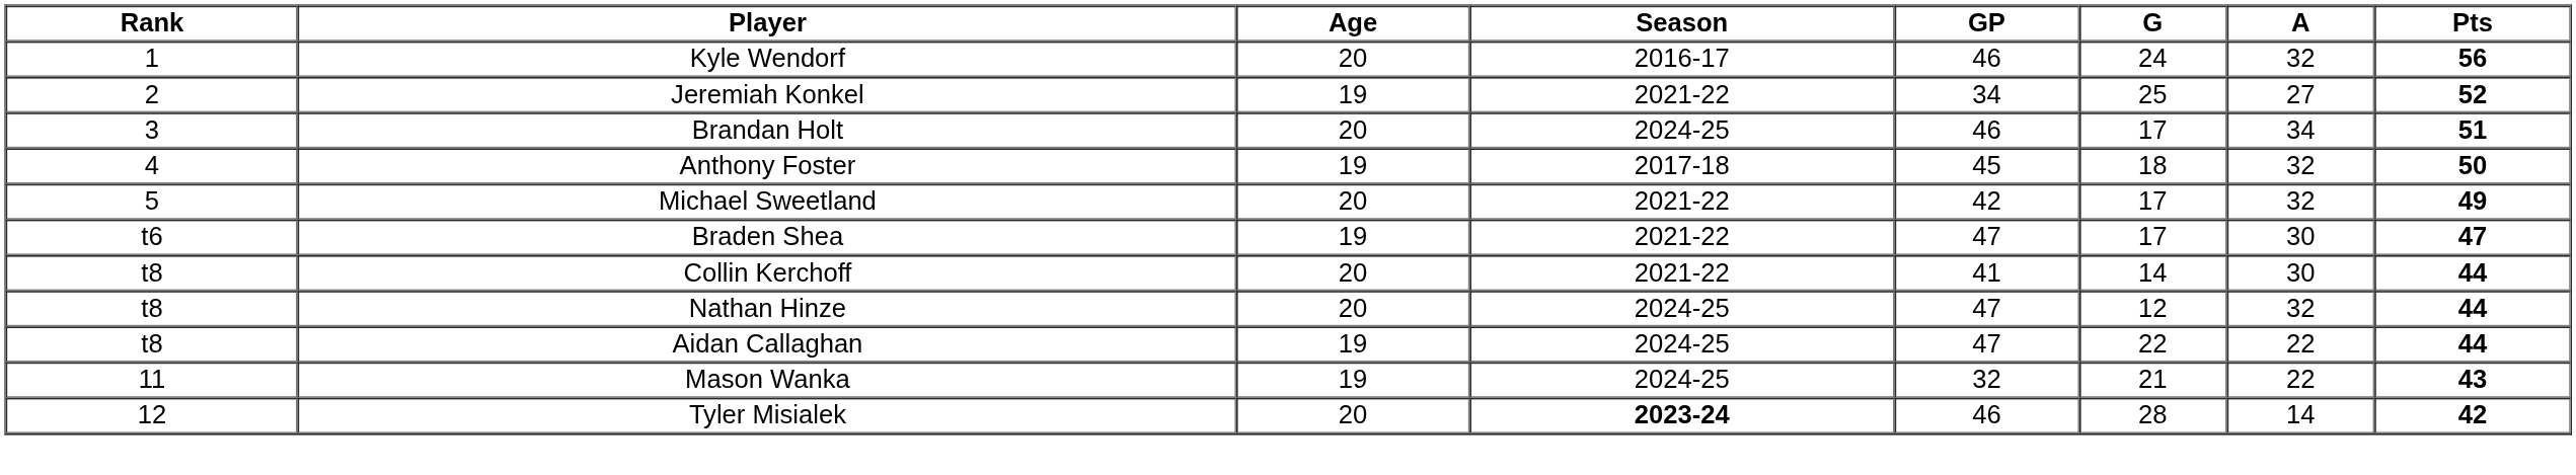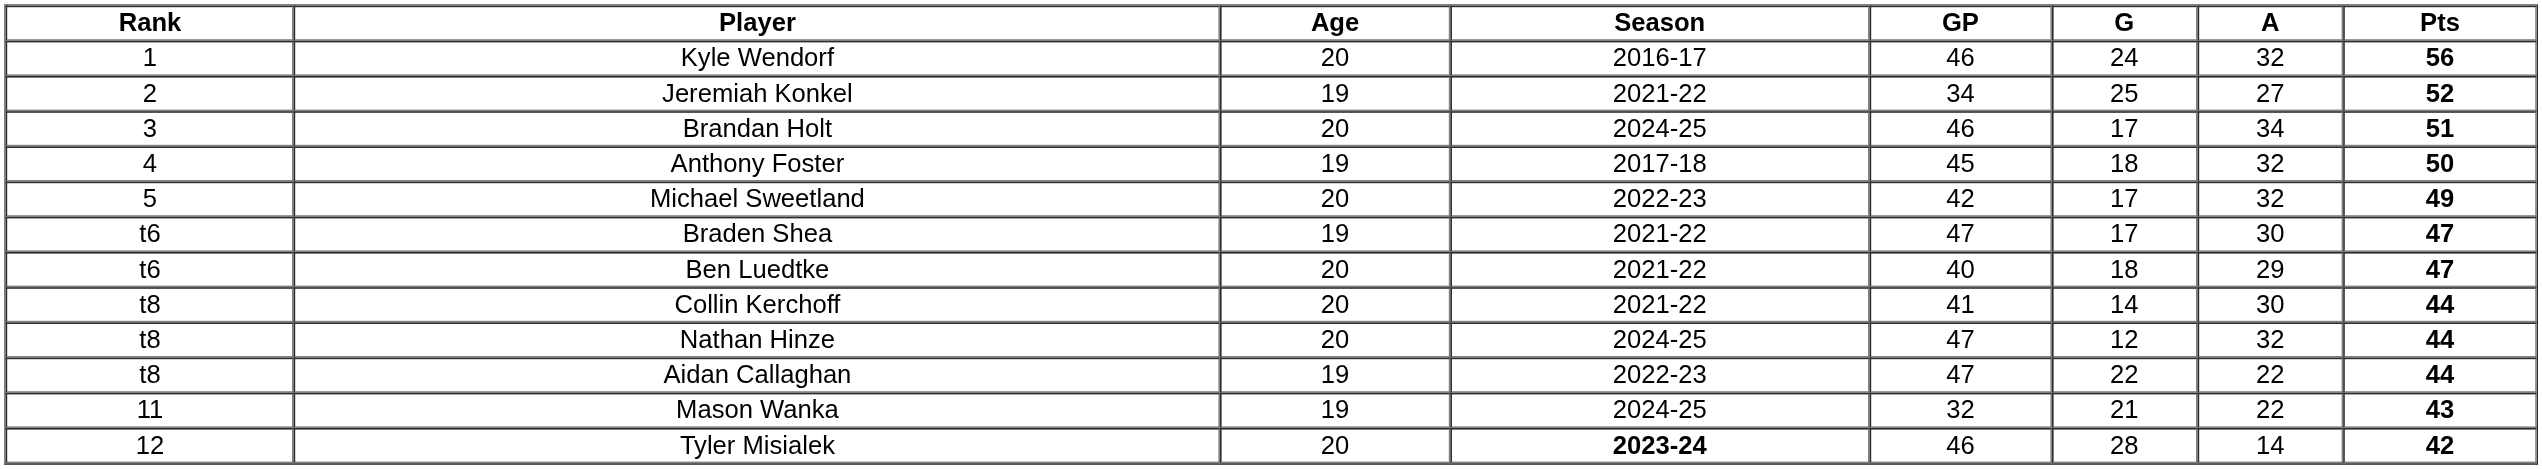 <table cellpadding="1" border="1" cellspacing="0" width="100%">
 <tr>
 <th>Rank</th>
 <th>Player</th>
 <th>Age</th>
 <th>Season</th>
 <th>GP</th>
 <th>G</th>
 <th>A</th>
 <th>Pts</th>
 </tr>
 <tr>
 </tr>
 <tr align="center">
 <td>1</td>
 <td>Kyle Wendorf</td>
 <td>20</td>
 <td>2016-17</td>
 <td>46</td>
 <td>24</td>
 <td>32</td>
 <td><strong>56</strong></td>
 </tr>
 <tr align="center">
 <td>2</td>
 <td>Jeremiah Konkel</td>
 <td>19</td>
 <td>2021-22</td>
 <td>34</td>
 <td>25</td>
 <td>27</td>
 <td><strong>52</strong></td>
 </tr>
 <tr align="center">
 <td>3</td>
 <td>Brandan Holt</td>
 <td>20</td>
 <td>2024-25</td>
 <td>46</td>
 <td>17</td>
 <td>34</td>
 <td><strong>51</strong></td>
 </tr>
 <tr align="center">
 <td>4</td>
 <td>Anthony Foster</td>
 <td>19</td>
 <td>2017-18</td>
 <td>45</td>
 <td>18</td>
 <td>32</td>
 <td><strong>50</strong></td>
 </tr>
 <tr align="center">
 <td>5</td>
 <td>Michael Sweetland</td>
 <td>20</td>
-<td>2021-22</td>
+<td>2022-23</td>
 <td>42</td>
 <td>17</td>
 <td>32</td>
 <td><strong>49</strong></td>
 </tr>
 <tr align="center">
 <td>t6</td>
 <td>Braden Shea</td>
 <td>19</td>
 <td>2021-22</td>
 <td>47</td>
 <td>17</td>
 <td>30</td>
+<td><strong>47</strong></td>
+</tr>
+<tr align="center">
+<td>t6</td>
+<td>Ben Luedtke</td>
+<td>20</td>
+<td>2021-22</td>
+<td>40</td>
+<td>18</td>
+<td>29</td>
 <td><strong>47</strong></td>
 </tr>
 <tr align="center">
 <td>t8</td>
 <td>Collin Kerchoff</td>
 <td>20</td>
 <td>2021-22</td>
 <td>41</td>
 <td>14</td>
 <td>30</td>
 <td><strong>44</strong></td>
 </tr>
 <tr align="center">
 <td>t8</td>
 <td>Nathan Hinze</td>
 <td>20</td>
 <td>2024-25</td>
 <td>47</td>
 <td>12</td>
 <td>32</td>
 <td><strong>44</strong></td>
 </tr>
 <tr align="center">
 <td>t8</td>
 <td>Aidan Callaghan</td>
 <td>19</td>
-<td>2024-25</td>
+<td>2022-23</td>
 <td>47</td>
 <td>22</td>
 <td>22</td>
 <td><strong>44</strong></td>
 </tr>
 <tr align="center">
 <td>11</td>
 <td>Mason Wanka</td>
 <td>19</td>
 <td>2024-25</td>
 <td>32</td>
 <td>21</td>
 <td>22</td>
 <td><strong>43</strong></td>
 </tr>
 <tr align="center">
 <td>12</td>
 <td>Tyler Misialek</td>
 <td>20</td>
 <td><strong>2023-24</strong></td>
 <td>46</td>
 <td>28</td>
 <td>14</td>
 <td><strong>42</strong></td>
 </tr>
 </table>
